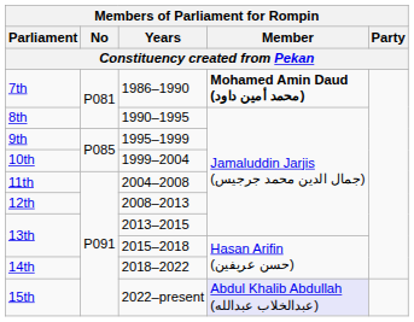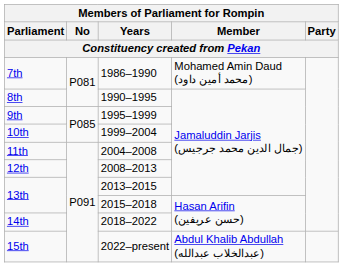 <table class=wikitable>
 <tr>
 <th colspan="5">Members of Parliament for Rompin</th>
 </tr>
 <tr>
 <th>Parliament</th>
 <th>No</th>
 <th>Years</th>
 <th>Member</th>
 <th>Party</th>
 </tr>
 <tr>
 <th colspan="5" align="center"><em>Constituency created from <a href='#'>Pekan</a></em></th>
 </tr>
 <tr>
 <td><a href='#'>7th</a></td>
 <td rowspan="2">P081</td>
 <td>1986–1990</td>
-<td><strong>Mohamed Amin Daud <br> (محمد أمين داود)</strong></td>
+<td>Mohamed Amin Daud <br> (محمد أمين داود)</td>
 <td rowspan=9></td>
 </tr>
 <tr>
 <td><a href='#'>8th</a></td>
 <td>1990–1995</td>
 <td rowspan=6><a href='#'>Jamaluddin Jarjis</a> <br> (جمال الدين محمد جرجيس)</td>
 </tr>
 <tr>
 <td><a href='#'>9th</a></td>
 <td rowspan="2">P085</td>
 <td>1995–1999</td>
 </tr>
 <tr>
 <td><a href='#'>10th</a></td>
 <td>1999–2004</td>
 </tr>
 <tr>
 <td><a href='#'>11th</a></td>
 <td rowspan="6">P091</td>
 <td>2004–2008</td>
 </tr>
 <tr>
 <td><a href='#'>12th</a></td>
 <td>2008–2013</td>
 </tr>
 <tr>
 <td rowspan=2><a href='#'>13th</a></td>
 <td>2013–2015</td>
 </tr>
 <tr>
 <td>2015–2018</td>
 <td rowspan=2><a href='#'>Hasan Arifin</a> <br> (حسن عريفين)</td>
 </tr>
 <tr>
 <td><a href='#'>14th</a></td>
 <td>2018–2022</td>
 </tr>
 <tr>
 <td><a href='#'>15th</a></td>
 <td>2022–present</td>
-<td style="background: lavender;"><a href='#'>Abdul Khalib Abdullah</a> <br> (عبدالخلاب عبدالله)</td>
+<td><a href='#'>Abdul Khalib Abdullah</a> <br> (عبدالخلاب عبدالله)</td>
 <td></td>
 </tr>
 </table>
